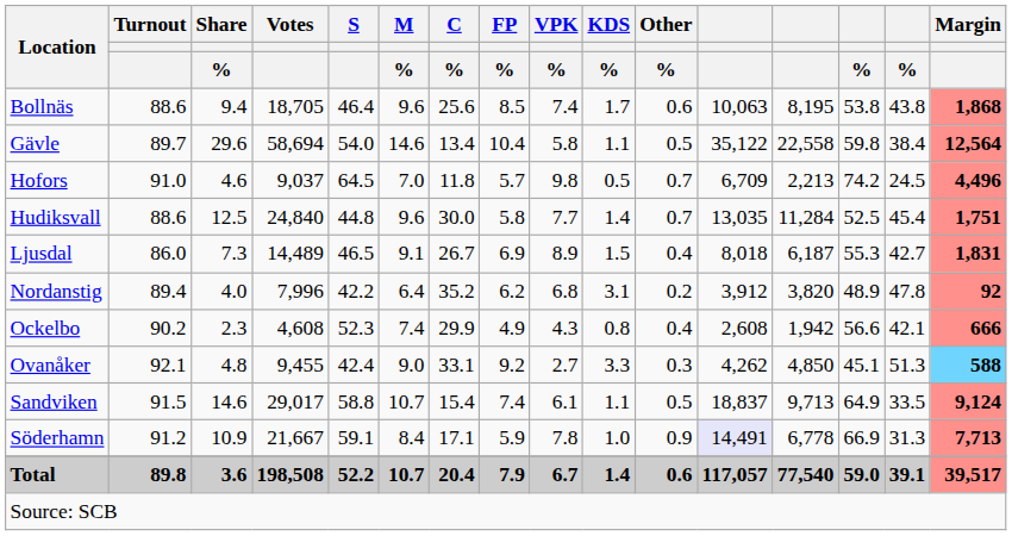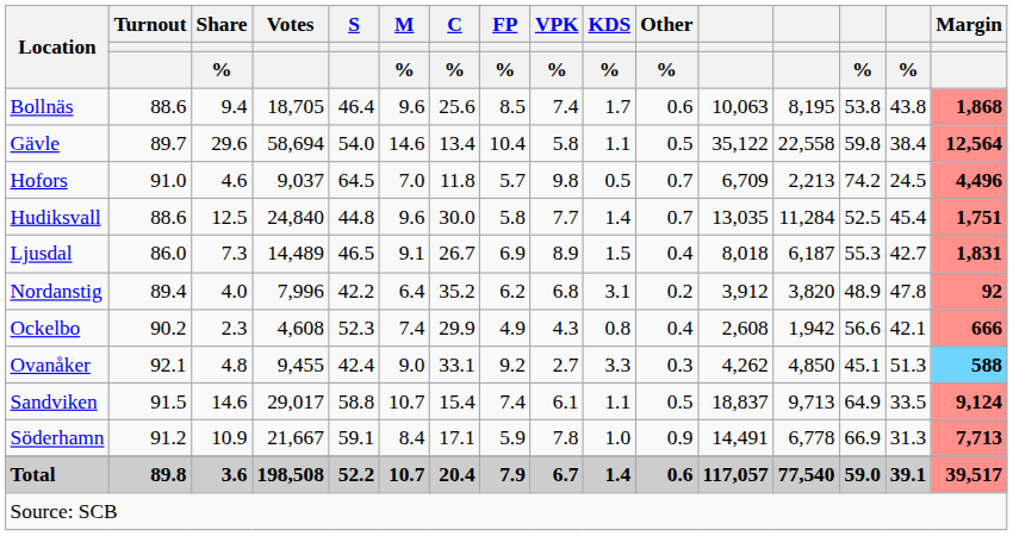 <table class="wikitable sortable" style="text-align:right; font-size:95%; line-height:20px;">
 <tr>
 <th rowspan="3">Location</th>
 <th>Turnout</th>
 <th>Share</th>
 <th>Votes</th>
 <th width="30px" class="unsortable"><a href='#'>S</a></th>
 <th width="30px" class="unsortable"><a href='#'>M</a></th>
 <th width="30px" class="unsortable"><a href='#'>C</a></th>
 <th width="30px" class="unsortable"><a href='#'>FP</a></th>
 <th width="30px" class="unsortable"><a href='#'>VPK</a></th>
 <th width="30px" class="unsortable"><a href='#'>KDS</a></th>
 <th width="30px" class="unsortable">Other</th>
 <th></th>
 <th></th>
 <th></th>
 <th></th>
 <th>Margin</th>
 </tr>
 <tr>
 <th></th>
 <th></th>
 <th></th>
 <th style="background:"></th>
 <th style="background:"></th>
 <th style="background:"></th>
 <th style="background:"></th>
 <th style="background:"></th>
 <th style="background:"></th>
 <th style="background:"></th>
 <th style="background:"></th>
 <th style="background:"></th>
 <th style="background:"></th>
 <th style="background:"></th>
 <th></th>
 </tr>
 <tr>
 <th></th>
 <th data-sort-type="number">%</th>
 <th data-sort-type="number"></th>
 <th></th>
 <th data-sort-type="number">%</th>
 <th data-sort-type="number">%</th>
 <th data-sort-type="number">%</th>
 <th data-sort-type="number">%</th>
 <th data-sort-type="number">%</th>
 <th data-sort-type="number">%</th>
 <th data-sort-type="number"></th>
 <th data-sort-type="number"></th>
 <th data-sort-type="number">%</th>
 <th data-sort-type="number">%</th>
 <th data-sort-type="number"></th>
 </tr>
 <tr>
 <td align=left><a href='#'>Bollnäs</a></td>
 <td>88.6</td>
 <td>9.4</td>
 <td>18,705</td>
 <td>46.4</td>
 <td>9.6</td>
 <td>25.6</td>
 <td>8.5</td>
 <td>7.4</td>
 <td>1.7</td>
 <td>0.6</td>
 <td>10,063</td>
 <td>8,195</td>
 <td>53.8</td>
 <td>43.8</td>
 <td bgcolor=#ff908c><strong>1,868</strong></td>
 </tr>
 <tr>
 <td align=left><a href='#'>Gävle</a></td>
 <td>89.7</td>
 <td>29.6</td>
 <td>58,694</td>
 <td>54.0</td>
 <td>14.6</td>
 <td>13.4</td>
 <td>10.4</td>
 <td>5.8</td>
 <td>1.1</td>
 <td>0.5</td>
 <td>35,122</td>
 <td>22,558</td>
 <td>59.8</td>
 <td>38.4</td>
 <td bgcolor=#ff908c><strong>12,564</strong></td>
 </tr>
 <tr>
 <td align=left><a href='#'>Hofors</a></td>
 <td>91.0</td>
 <td>4.6</td>
 <td>9,037</td>
 <td>64.5</td>
 <td>7.0</td>
 <td>11.8</td>
 <td>5.7</td>
 <td>9.8</td>
 <td>0.5</td>
 <td>0.7</td>
 <td>6,709</td>
 <td>2,213</td>
 <td>74.2</td>
 <td>24.5</td>
 <td bgcolor=#ff908c><strong>4,496</strong></td>
 </tr>
 <tr>
 <td align=left><a href='#'>Hudiksvall</a></td>
 <td>88.6</td>
 <td>12.5</td>
 <td>24,840</td>
 <td>44.8</td>
 <td>9.6</td>
 <td>30.0</td>
 <td>5.8</td>
 <td>7.7</td>
 <td>1.4</td>
 <td>0.7</td>
 <td>13,035</td>
 <td>11,284</td>
 <td>52.5</td>
 <td>45.4</td>
 <td bgcolor=#ff908c><strong>1,751</strong></td>
 </tr>
 <tr>
 <td align=left><a href='#'>Ljusdal</a></td>
 <td>86.0</td>
 <td>7.3</td>
 <td>14,489</td>
 <td>46.5</td>
 <td>9.1</td>
 <td>26.7</td>
 <td>6.9</td>
 <td>8.9</td>
 <td>1.5</td>
 <td>0.4</td>
 <td>8,018</td>
 <td>6,187</td>
 <td>55.3</td>
 <td>42.7</td>
 <td bgcolor=#ff908c><strong>1,831</strong></td>
 </tr>
 <tr>
 <td align=left><a href='#'>Nordanstig</a></td>
 <td>89.4</td>
 <td>4.0</td>
 <td>7,996</td>
 <td>42.2</td>
 <td>6.4</td>
 <td>35.2</td>
 <td>6.2</td>
 <td>6.8</td>
 <td>3.1</td>
 <td>0.2</td>
 <td>3,912</td>
 <td>3,820</td>
 <td>48.9</td>
 <td>47.8</td>
 <td bgcolor=#ff908c><strong>92</strong></td>
 </tr>
 <tr>
 <td align=left><a href='#'>Ockelbo</a></td>
 <td>90.2</td>
 <td>2.3</td>
 <td>4,608</td>
 <td>52.3</td>
 <td>7.4</td>
 <td>29.9</td>
 <td>4.9</td>
 <td>4.3</td>
 <td>0.8</td>
 <td>0.4</td>
 <td>2,608</td>
 <td>1,942</td>
 <td>56.6</td>
 <td>42.1</td>
 <td bgcolor=#ff908c><strong>666</strong></td>
 </tr>
 <tr>
 <td align=left><a href='#'>Ovanåker</a></td>
 <td>92.1</td>
 <td>4.8</td>
 <td>9,455</td>
 <td>42.4</td>
 <td>9.0</td>
 <td>33.1</td>
 <td>9.2</td>
 <td>2.7</td>
 <td>3.3</td>
 <td>0.3</td>
 <td>4,262</td>
 <td>4,850</td>
 <td>45.1</td>
 <td>51.3</td>
 <td bgcolor=#6fd5fe><strong>588</strong></td>
 </tr>
 <tr>
 <td align=left><a href='#'>Sandviken</a></td>
 <td>91.5</td>
 <td>14.6</td>
 <td>29,017</td>
 <td>58.8</td>
 <td>10.7</td>
 <td>15.4</td>
 <td>7.4</td>
 <td>6.1</td>
 <td>1.1</td>
 <td>0.5</td>
 <td>18,837</td>
 <td>9,713</td>
 <td>64.9</td>
 <td>33.5</td>
 <td bgcolor=#ff908c><strong>9,124</strong></td>
 </tr>
 <tr>
 <td align=left><a href='#'>Söderhamn</a></td>
 <td>91.2</td>
 <td>10.9</td>
 <td>21,667</td>
 <td>59.1</td>
 <td>8.4</td>
 <td>17.1</td>
 <td>5.9</td>
 <td>7.8</td>
 <td>1.0</td>
 <td>0.9</td>
-<td style="background: lavender;">14,491</td>
+<td>14,491</td>
 <td>6,778</td>
 <td>66.9</td>
 <td>31.3</td>
 <td bgcolor=#ff908c><strong>7,713</strong></td>
 </tr>
 <tr>
 </tr>
 <tr style="background:#CDCDCD;">
 <td align=left><strong>Total</strong></td>
 <td><strong>89.8</strong></td>
 <td><strong>3.6</strong></td>
 <td><strong>198,508</strong></td>
 <td><strong>52.2</strong></td>
 <td><strong>10.7</strong></td>
 <td><strong>20.4</strong></td>
 <td><strong>7.9</strong></td>
 <td><strong>6.7</strong></td>
 <td><strong>1.4</strong></td>
 <td><strong>0.6</strong></td>
 <td><strong>117,057</strong></td>
 <td><strong>77,540</strong></td>
 <td><strong>59.0</strong></td>
 <td><strong>39.1</strong></td>
 <td bgcolor=#ff908c><strong>39,517</strong></td>
 </tr>
 <tr>
 <td align=left colspan=16>Source: SCB </td>
 </tr>
 </table>
